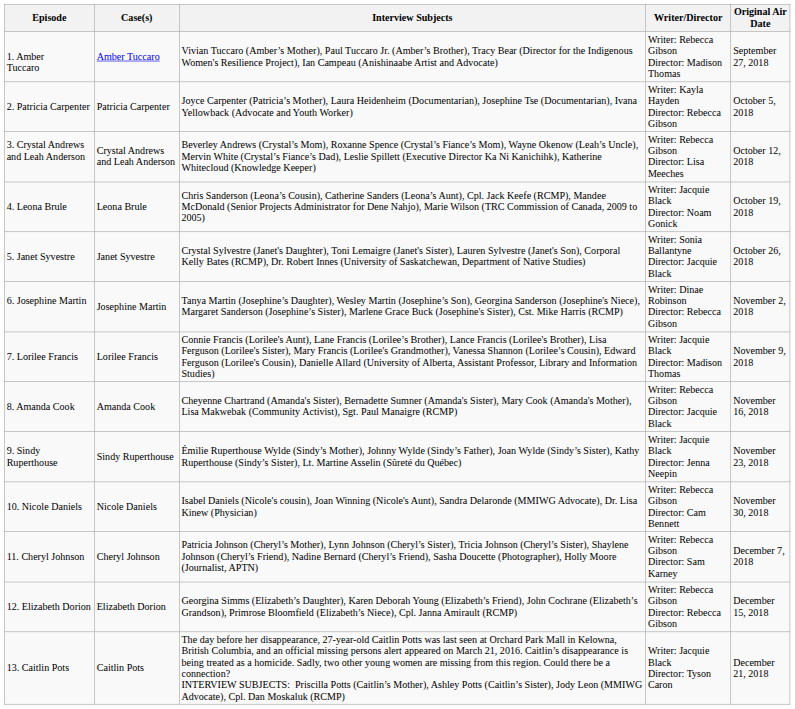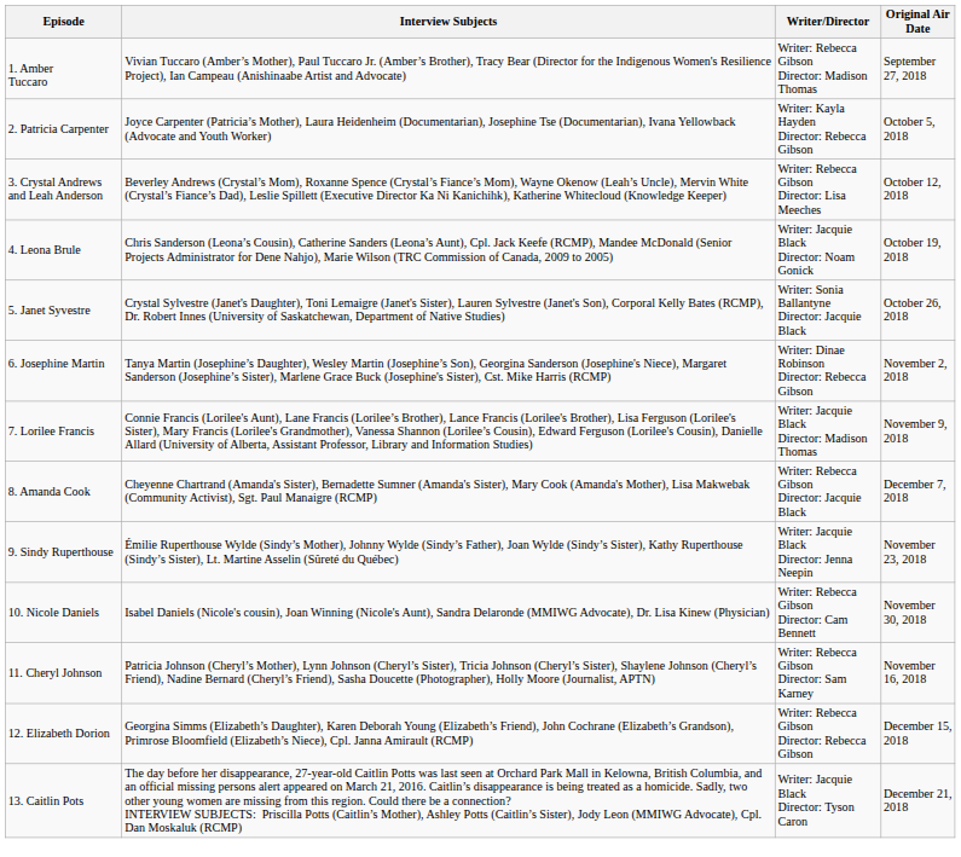 <table class="wikitable">
 <tr>
 <th>Episode</th>
-<th>Case(s)</th>
 <th>Interview Subjects</th>
 <th>Writer/Director</th>
 <th>Original Air Date</th>
 </tr>
 <tr>
 <td><br>1. Amber<br>Tuccaro <br></td>
-<td><a href='#'>Amber Tuccaro</a></td>
 <td>Vivian Tuccaro (Amber’s Mother), Paul Tuccaro Jr. (Amber’s Brother), Tracy Bear (Director for the Indigenous Women's Resilience Project), Ian Campeau (Anishinaabe Artist and Advocate)</td>
 <td>Writer: Rebecca Gibson<br>Director: Madison Thomas</td>
 <td>September 27, 2018</td>
 </tr>
 <tr>
 <td>2. Patricia Carpenter</td>
-<td>Patricia Carpenter</td>
 <td>Joyce Carpenter (Patricia’s Mother), Laura Heidenheim (Documentarian), Josephine Tse (Documentarian), Ivana Yellowback (Advocate and Youth Worker)</td>
 <td>Writer: Kayla Hayden<br>Director: Rebecca Gibson</td>
 <td>October 5, 2018</td>
 </tr>
 <tr>
 <td>3. Crystal Andrews and Leah Anderson<strong>   </strong></td>
-<td>Crystal Andrews and Leah Anderson</td>
 <td>Beverley Andrews (Crystal’s Mom), Roxanne Spence (Crystal’s Fiance’s Mom), Wayne Okenow (Leah’s Uncle), Mervin White (Crystal’s Fiance’s Dad), Leslie Spillett (Executive Director Ka Ni Kanichihk), Katherine Whitecloud (Knowledge Keeper)</td>
 <td>Writer: Rebecca Gibson<br>Director: Lisa Meeches</td>
 <td>October 12, 2018</td>
 </tr>
 <tr>
 <td>4. Leona Brule</td>
-<td>Leona Brule</td>
 <td>Chris Sanderson (Leona’s Cousin), Catherine Sanders (Leona’s Aunt), Cpl. Jack Keefe (RCMP), Mandee McDonald (Senior Projects Administrator for Dene Nahjo), Marie Wilson (TRC Commission of Canada, 2009 to 2005)</td>
 <td>Writer: Jacquie Black<br>Director: Noam Gonick</td>
 <td>October 19, 2018</td>
 </tr>
 <tr>
 <td>5. Janet Syvestre</td>
-<td>Janet Syvestre</td>
 <td>Crystal Sylvestre (Janet's Daughter), Toni Lemaigre (Janet's Sister), Lauren Sylvestre (Janet's Son), Corporal Kelly Bates (RCMP), Dr. Robert Innes (University of Saskatchewan, Department of Native Studies)<br></td>
 <td>Writer: Sonia Ballantyne<br>Director: Jacquie Black</td>
 <td>October 26, 2018</td>
 </tr>
 <tr>
 <td>6. Josephine Martin     </td>
-<td>Josephine Martin</td>
 <td>Tanya Martin (Josephine’s Daughter), Wesley Martin (Josephine’s Son), Georgina Sanderson (Josephine's Niece), Margaret Sanderson (Josephine’s Sister), Marlene Grace Buck (Josephine's Sister), Cst. Mike Harris (RCMP)</td>
 <td>Writer: Dinae Robinson<br>Director: Rebecca Gibson</td>
 <td>November 2, 2018</td>
 </tr>
 <tr>
 <td>7. Lorilee Francis</td>
-<td>Lorilee Francis</td>
 <td>Connie Francis (Lorilee's Aunt), Lane Francis (Lorilee’s Brother), Lance Francis (Lorilee's Brother), Lisa Ferguson (Lorilee's Sister), Mary Francis (Lorilee's Grandmother), Vanessa Shannon (Lorilee’s Cousin), Edward Ferguson (Lorilee's Cousin), Danielle Allard (University of Alberta, Assistant Professor, Library and Information Studies)</td>
 <td>Writer: Jacquie Black<br>Director: Madison Thomas</td>
 <td>November 9, 2018</td>
 </tr>
 <tr>
 <td>8. Amanda Cook</td>
-<td>Amanda Cook</td>
 <td>Cheyenne Chartrand (Amanda's Sister), Bernadette Sumner (Amanda's Sister), Mary Cook (Amanda's Mother), Lisa Makwebak (Community Activist), Sgt. Paul Manaigre (RCMP)</td>
 <td>Writer: Rebecca Gibson<br>Director: Jacquie Black</td>
-<td>November 16, 2018</td>
+<td>December 7, 2018</td>
 </tr>
 <tr>
 <td>9. Sindy Ruperthouse</td>
-<td>Sindy Ruperthouse</td>
 <td>Émilie Ruperthouse Wylde (Sindy’s Mother), Johnny Wylde (Sindy’s Father), Joan Wylde (Sindy’s Sister), Kathy Ruperthouse (Sindy’s Sister), Lt. Martine Asselin (Sûreté du Québec)</td>
 <td>Writer: Jacquie Black<br>Director: Jenna Neepin</td>
 <td>November 23, 2018</td>
 </tr>
 <tr>
 <td>10. Nicole Daniels</td>
-<td>Nicole Daniels</td>
 <td>Isabel Daniels (Nicole's cousin), Joan Winning (Nicole's Aunt), Sandra Delaronde (MMIWG Advocate), Dr. Lisa Kinew (Physician)</td>
 <td>Writer: Rebecca Gibson<br>Director: Cam Bennett</td>
 <td>November 30, 2018</td>
 </tr>
 <tr>
 <td>11. Cheryl Johnson</td>
-<td>Cheryl Johnson</td>
 <td>Patricia Johnson (Cheryl’s Mother), Lynn Johnson (Cheryl’s Sister), Tricia Johnson (Cheryl’s Sister), Shaylene Johnson (Cheryl’s Friend), Nadine Bernard (Cheryl’s Friend), Sasha Doucette (Photographer), Holly Moore (Journalist, APTN)</td>
 <td>Writer: Rebecca Gibson<br>Director: Sam Karney</td>
-<td>December 7, 2018</td>
+<td>November 16, 2018</td>
 </tr>
 <tr>
 <td>12. Elizabeth Dorion</td>
-<td>Elizabeth Dorion</td>
 <td>Georgina Simms (Elizabeth’s Daughter), Karen Deborah Young (Elizabeth’s Friend), John Cochrane (Elizabeth’s Grandson), Primrose Bloomfield (Elizabeth’s Niece), Cpl. Janna Amirault (RCMP)</td>
 <td>Writer: Rebecca Gibson<br>Director: Rebecca Gibson</td>
 <td>December 15, 2018</td>
 </tr>
 <tr>
 <td>13. Caitlin Pots</td>
-<td>Caitlin Pots</td>
 <td>The day before her disappearance, 27-year-old Caitlin Potts was last seen at Orchard Park Mall in Kelowna, British Columbia, and an official missing persons alert appeared on March 21, 2016. Caitlin’s disappearance is being treated as a homicide. Sadly, two other young women are missing from this region. Could there be a connection?<br>INTERVIEW SUBJECTS:  Priscilla Potts (Caitlin’s Mother), Ashley Potts (Caitlin’s Sister), Jody Leon (MMIWG Advocate), Cpl. Dan Moskaluk (RCMP)</td>
 <td>Writer: Jacquie Black<br>Director: Tyson Caron</td>
 <td>December 21, 2018</td>
 </tr>
 </table>
